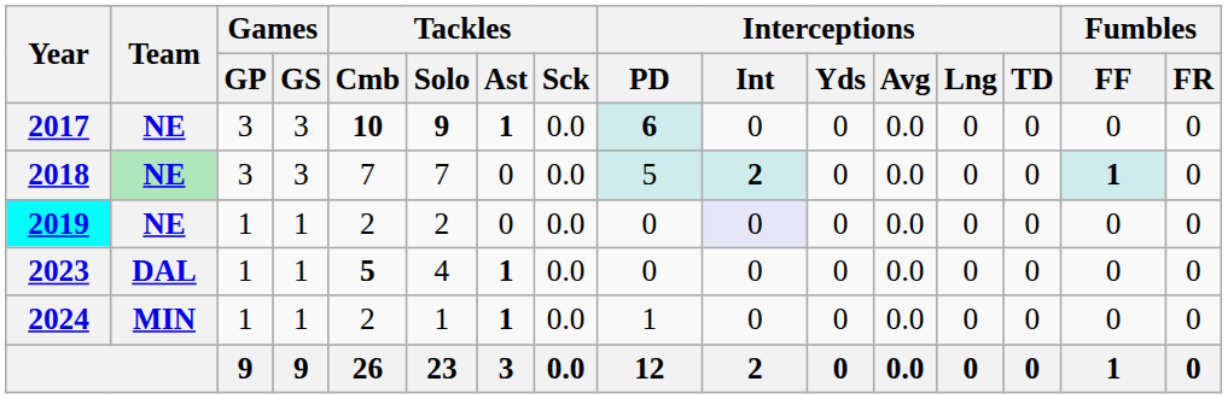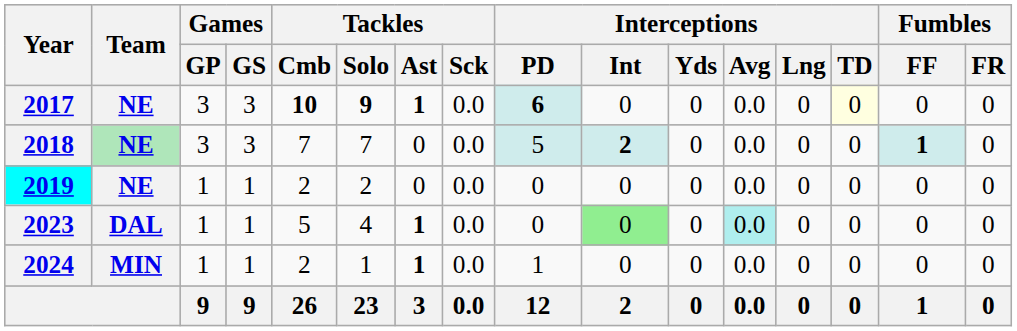 <table class="wikitable" style="text-align:center;">
 <tr>
 <th rowspan="2">Year</th>
 <th rowspan="2">Team</th>
 <th colspan="2">Games</th>
 <th colspan="4">Tackles</th>
 <th colspan="6">Interceptions</th>
 <th colspan="2">Fumbles</th>
 </tr>
 <tr>
 <th>GP</th>
 <th>GS</th>
 <th>Cmb</th>
 <th>Solo</th>
 <th>Ast</th>
 <th>Sck</th>
 <th>PD</th>
 <th>Int</th>
 <th>Yds</th>
 <th>Avg</th>
 <th>Lng</th>
 <th>TD</th>
 <th>FF</th>
 <th>FR</th>
 </tr>
 <tr>
 <th><a href='#'>2017</a></th>
 <th><a href='#'>NE</a></th>
 <td>3</td>
 <td>3</td>
 <td><strong>10</strong></td>
 <td><strong>9</strong></td>
 <td><strong>1</strong></td>
 <td>0.0</td>
 <td style="background:#cfecec; width:3em;"><strong>6</strong></td>
 <td>0</td>
 <td>0</td>
 <td>0.0</td>
 <td>0</td>
-<td>0</td>
+<td style="background: lightyellow;">0</td>
 <td>0</td>
 <td>0</td>
 </tr>
 <tr>
 <th><a href='#'>2018</a></th>
 <th style="background:#afe6ba; width:3em;"><a href='#'>NE</a></th>
 <td>3</td>
 <td>3</td>
 <td>7</td>
 <td>7</td>
 <td>0</td>
 <td>0.0</td>
 <td style="background:#cfecec; width:3em;">5</td>
 <td style="background:#cfecec; width:3em;"><strong>2</strong></td>
 <td>0</td>
 <td>0.0</td>
 <td>0</td>
 <td>0</td>
 <td style="background:#cfecec; width:3em;"><strong>1</strong></td>
 <td>0</td>
 </tr>
 <tr>
 <th style="background:#00ffff; width:3em;"><a href='#'>2019</a></th>
 <th><a href='#'>NE</a></th>
 <td>1</td>
 <td>1</td>
 <td>2</td>
 <td>2</td>
 <td>0</td>
 <td>0.0</td>
 <td>0</td>
-<td style="background: lavender;">0</td>
+<td>0</td>
 <td>0</td>
 <td>0.0</td>
 <td>0</td>
 <td>0</td>
 <td>0</td>
 <td>0</td>
 </tr>
 <tr>
 <th><a href='#'>2023</a></th>
 <th><a href='#'>DAL</a></th>
 <td>1</td>
 <td>1</td>
-<td><strong>5</strong></td>
+<td>5</td>
 <td>4</td>
 <td><strong>1</strong></td>
 <td>0.0</td>
 <td>0</td>
+<td style="background: lightgreen;">0</td>
 <td>0</td>
-<td>0</td>
-<td>0.0</td>
+<td style="background: paleturquoise;">0.0</td>
 <td>0</td>
 <td>0</td>
 <td>0</td>
 <td>0</td>
 </tr>
 <tr>
 <th><a href='#'>2024</a></th>
 <th><a href='#'>MIN</a></th>
 <td>1</td>
 <td>1</td>
 <td>2</td>
 <td>1</td>
 <td><strong>1</strong></td>
 <td>0.0</td>
 <td>1</td>
 <td>0</td>
 <td>0</td>
 <td>0.0</td>
 <td>0</td>
 <td>0</td>
 <td>0</td>
 <td>0</td>
 </tr>
 <tr>
 <th colspan="2"></th>
 <th>9</th>
 <th>9</th>
 <th>26</th>
 <th>23</th>
 <th>3</th>
 <th>0.0</th>
 <th>12</th>
 <th>2</th>
 <th>0</th>
 <th>0.0</th>
 <th>0</th>
 <th>0</th>
 <th>1</th>
 <th>0</th>
 </tr>
 </table>
